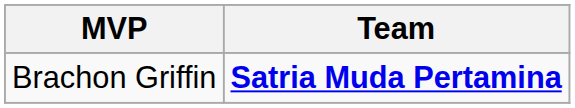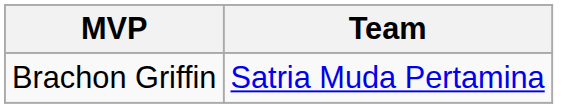 <table class="wikitable">
 <tr>
 <th>MVP</th>
 <th>Team</th>
 </tr>
 <tr>
 <td>Brachon Griffin</td>
-<td><strong><a href='#'>Satria Muda Pertamina</a></strong></td>
+<td><a href='#'>Satria Muda Pertamina</a></td>
 </tr>
 </table>
